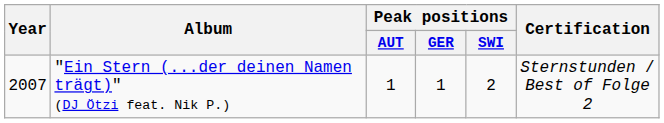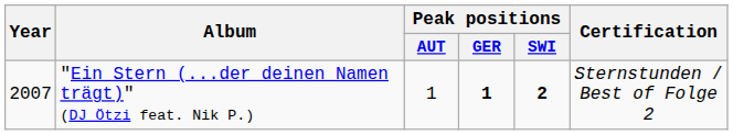 <table class="wikitable">
 <tr>
 <th align="center" rowspan="2" width="10">Year</th>
 <th align="center" rowspan="2" width="250">Album</th>
 <th align="center" colspan="3" width="20">Peak positions</th>
 <th align="center" rowspan="2" width="110">Certification</th>
 </tr>
 <tr>
 <th scope="col" style="width:3em;font-size:90%;"><a href='#'>AUT</a><br></th>
 <th scope="col" style="width:3em;font-size:90%;"><a href='#'>GER</a><br></th>
 <th scope="col" style="width:3em;font-size:90%;"><a href='#'>SWI</a><br></th>
 </tr>
 <tr>
 <td style="text-align:center;" rowspan="2">2007</td>
 <td>"<a href='#'>Ein Stern (...der deinen Namen trägt)</a>"<br><small>(<a href='#'>DJ Ötzi</a> feat. Nik P.)</small></td>
 <td style="text-align:center;">1</td>
-<td style="text-align:center;">1</td>
-<td style="text-align:center;">2</td>
+<td style="text-align:center;"><strong>1</strong></td>
+<td style="text-align:center;"><strong>2</strong></td>
 <td style="text-align:center;"><em>Sternstunden</em> /<br><em>Best of Folge 2</em></td>
 </tr>
 </table>
